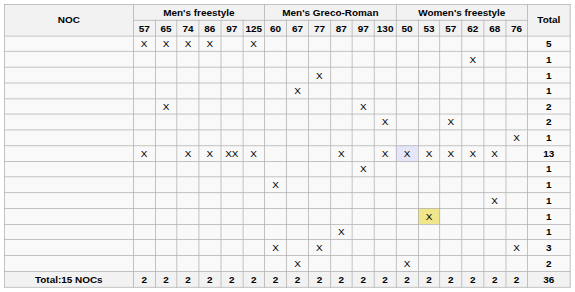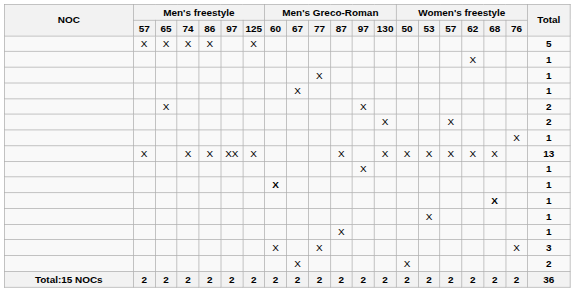 <table class="wikitable" style="text-align:center; font-size:90%">
 <tr>
 <th rowspan="2" width=180 style="text-align:center;">NOC</th>
 <th colspan="6">Men's freestyle</th>
 <th colspan="6">Men's Greco-Roman</th>
 <th colspan=6>Women's freestyle</th>
 <th ! width=55 rowspan="2">Total</th>
 </tr>
 <tr>
 <th width="25">57</th>
 <th width="25">65</th>
 <th width="25">74</th>
 <th width="25">86</th>
 <th width="25">97</th>
 <th width="25">125</th>
 <th width="25">60</th>
 <th width="25">67</th>
 <th width="25">77</th>
 <th width="25">87</th>
 <th width="25">97</th>
 <th width="25">130</th>
 <th width="25">50</th>
 <th width="25">53</th>
 <th width="25">57</th>
 <th width="25">62</th>
 <th width="25">68</th>
 <th width="25">76</th>
 </tr>
 <tr>
 <td align="left"></td>
 <td>X</td>
 <td>X</td>
 <td>X</td>
 <td>X</td>
 <td></td>
 <td>X</td>
 <td></td>
 <td></td>
 <td></td>
 <td></td>
 <td></td>
 <td></td>
 <td></td>
 <td></td>
 <td></td>
 <td></td>
 <td></td>
 <td></td>
 <td><strong>5</strong></td>
 </tr>
 <tr>
 <td align="left"></td>
 <td></td>
 <td></td>
 <td></td>
 <td></td>
 <td></td>
 <td></td>
 <td></td>
 <td></td>
 <td></td>
 <td></td>
 <td></td>
 <td></td>
 <td></td>
 <td></td>
 <td></td>
 <td>X</td>
 <td></td>
 <td></td>
 <td><strong>1</strong></td>
 </tr>
 <tr>
 <td align="left"></td>
 <td></td>
 <td></td>
 <td></td>
 <td></td>
 <td></td>
 <td></td>
 <td></td>
 <td></td>
 <td>X</td>
 <td></td>
 <td></td>
 <td></td>
 <td></td>
 <td></td>
 <td></td>
 <td></td>
 <td></td>
 <td></td>
 <td><strong>1</strong></td>
 </tr>
 <tr>
 <td align="left"></td>
 <td></td>
 <td></td>
 <td></td>
 <td></td>
 <td></td>
 <td></td>
 <td></td>
 <td>X</td>
 <td></td>
 <td></td>
 <td></td>
 <td></td>
 <td></td>
 <td></td>
 <td></td>
 <td></td>
 <td></td>
 <td></td>
 <td><strong>1</strong></td>
 </tr>
 <tr>
 <td align="left"></td>
 <td></td>
 <td>X</td>
 <td></td>
 <td></td>
 <td></td>
 <td></td>
 <td></td>
 <td></td>
 <td></td>
 <td></td>
 <td>X</td>
 <td></td>
 <td></td>
 <td></td>
 <td></td>
 <td></td>
 <td></td>
 <td></td>
 <td><strong>2</strong></td>
 </tr>
 <tr>
 <td align="left"></td>
 <td></td>
 <td></td>
 <td></td>
 <td></td>
 <td></td>
 <td></td>
 <td></td>
 <td></td>
 <td></td>
 <td></td>
 <td></td>
 <td>X</td>
 <td></td>
 <td></td>
 <td>X</td>
 <td></td>
 <td></td>
 <td></td>
 <td><strong>2</strong></td>
 </tr>
 <tr>
 <td align="left"></td>
 <td></td>
 <td></td>
 <td></td>
 <td></td>
 <td></td>
 <td></td>
 <td></td>
 <td></td>
 <td></td>
 <td></td>
 <td></td>
 <td></td>
 <td></td>
 <td></td>
 <td></td>
 <td></td>
 <td></td>
 <td>X</td>
 <td><strong>1</strong></td>
 </tr>
 <tr>
 <td align="left"></td>
 <td>X</td>
 <td></td>
 <td>X</td>
 <td>X</td>
 <td>XX</td>
 <td>X</td>
 <td></td>
 <td></td>
 <td></td>
 <td>X</td>
 <td></td>
 <td>X</td>
-<td style="background: lavender;">X</td>
+<td>X</td>
 <td>X</td>
 <td>X</td>
 <td>X</td>
 <td>X</td>
 <td></td>
 <td><strong>13</strong></td>
 </tr>
 <tr>
 <td align="left"></td>
 <td></td>
 <td></td>
 <td></td>
 <td></td>
 <td></td>
 <td></td>
 <td></td>
 <td></td>
 <td></td>
 <td></td>
 <td>X</td>
 <td></td>
 <td></td>
 <td></td>
 <td></td>
 <td></td>
 <td></td>
 <td></td>
 <td><strong>1</strong></td>
 </tr>
 <tr>
 <td align="left"></td>
 <td></td>
 <td></td>
 <td></td>
 <td></td>
 <td></td>
 <td></td>
-<td>X</td>
+<td><strong>X</strong></td>
 <td></td>
 <td></td>
 <td></td>
 <td></td>
 <td></td>
 <td></td>
 <td></td>
 <td></td>
 <td></td>
 <td></td>
 <td></td>
 <td><strong>1</strong></td>
 </tr>
 <tr>
 <td align="left"></td>
 <td></td>
 <td></td>
 <td></td>
 <td></td>
 <td></td>
 <td></td>
 <td></td>
 <td></td>
 <td></td>
 <td></td>
 <td></td>
 <td></td>
 <td></td>
 <td></td>
 <td></td>
 <td></td>
-<td>X</td>
+<td><strong>X</strong></td>
 <td></td>
 <td><strong>1</strong></td>
 </tr>
 <tr>
 <td align="left"></td>
 <td></td>
 <td></td>
 <td></td>
 <td></td>
 <td></td>
 <td></td>
 <td></td>
 <td></td>
 <td></td>
 <td></td>
 <td></td>
 <td></td>
 <td></td>
-<td style="background: khaki;">X</td>
+<td>X</td>
 <td></td>
 <td></td>
 <td></td>
 <td></td>
 <td><strong>1</strong></td>
 </tr>
 <tr>
 <td align="left"></td>
 <td></td>
 <td></td>
 <td></td>
 <td></td>
 <td></td>
 <td></td>
 <td></td>
 <td></td>
 <td></td>
 <td>X</td>
 <td></td>
 <td></td>
 <td></td>
 <td></td>
 <td></td>
 <td></td>
 <td></td>
 <td></td>
 <td><strong>1</strong></td>
 </tr>
 <tr>
 <td align="left"></td>
 <td></td>
 <td></td>
 <td></td>
 <td></td>
 <td></td>
 <td></td>
 <td>X</td>
 <td></td>
 <td>X</td>
 <td></td>
 <td></td>
 <td></td>
 <td></td>
 <td></td>
 <td></td>
 <td></td>
 <td></td>
 <td>X</td>
 <td><strong>3</strong></td>
 </tr>
 <tr>
 <td align="left"></td>
 <td></td>
 <td></td>
 <td></td>
 <td></td>
 <td></td>
 <td></td>
 <td></td>
 <td>X</td>
 <td></td>
 <td></td>
 <td></td>
 <td></td>
 <td>X</td>
 <td></td>
 <td></td>
 <td></td>
 <td></td>
 <td></td>
 <td><strong>2</strong></td>
 </tr>
 <tr>
 <th>Total:15 NOCs</th>
 <th>2</th>
 <th>2</th>
 <th>2</th>
 <th>2</th>
 <th>2</th>
 <th>2</th>
 <th>2</th>
 <th>2</th>
 <th>2</th>
 <th>2</th>
 <th>2</th>
 <th>2</th>
 <th>2</th>
 <th>2</th>
 <th>2</th>
 <th>2</th>
 <th>2</th>
 <th>2</th>
 <th>36</th>
 </tr>
 </table>
